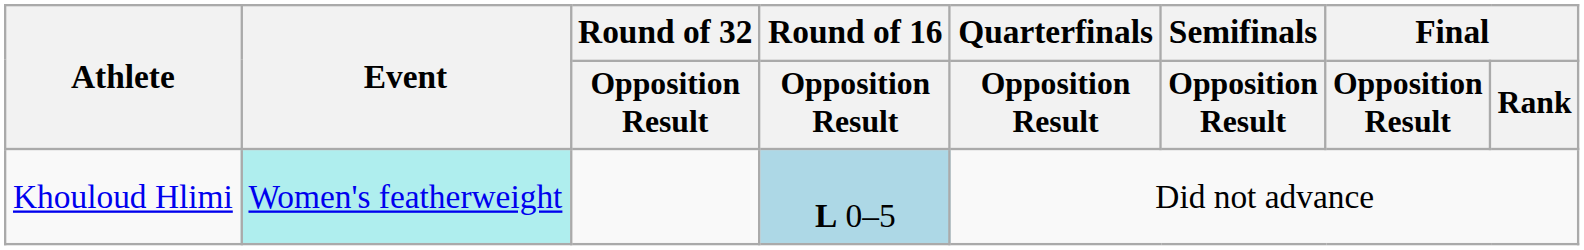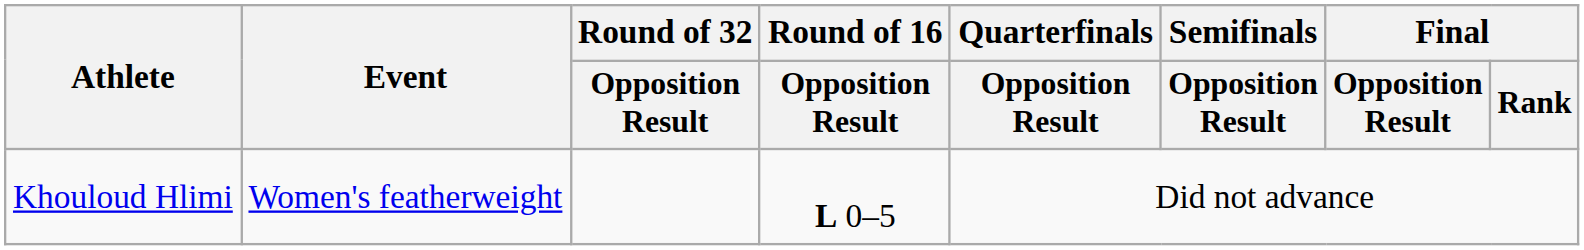 <table class="wikitable" style="font-size:90%">
 <tr>
 <th rowspan="2">Athlete</th>
 <th rowspan="2">Event</th>
 <th>Round of 32</th>
 <th>Round of 16</th>
 <th>Quarterfinals</th>
 <th>Semifinals</th>
 <th colspan=2>Final</th>
 </tr>
 <tr style="font-size:95%">
 <th>Opposition<br>Result</th>
 <th>Opposition<br>Result</th>
 <th>Opposition<br>Result</th>
 <th>Opposition<br>Result</th>
 <th>Opposition<br>Result</th>
 <th>Rank</th>
 </tr>
 <tr align=center>
 <td align=left><a href='#'>Khouloud Hlimi</a></td>
-<td align=left style="background: paleturquoise;"><a href='#'>Women's featherweight</a></td>
+<td align=left><a href='#'>Women's featherweight</a></td>
 <td></td>
-<td style="background: lightblue;"><br><strong>L</strong> 0–5</td>
+<td><br><strong>L</strong> 0–5</td>
 <td colspan=4>Did not advance</td>
 </tr>
 </table>
